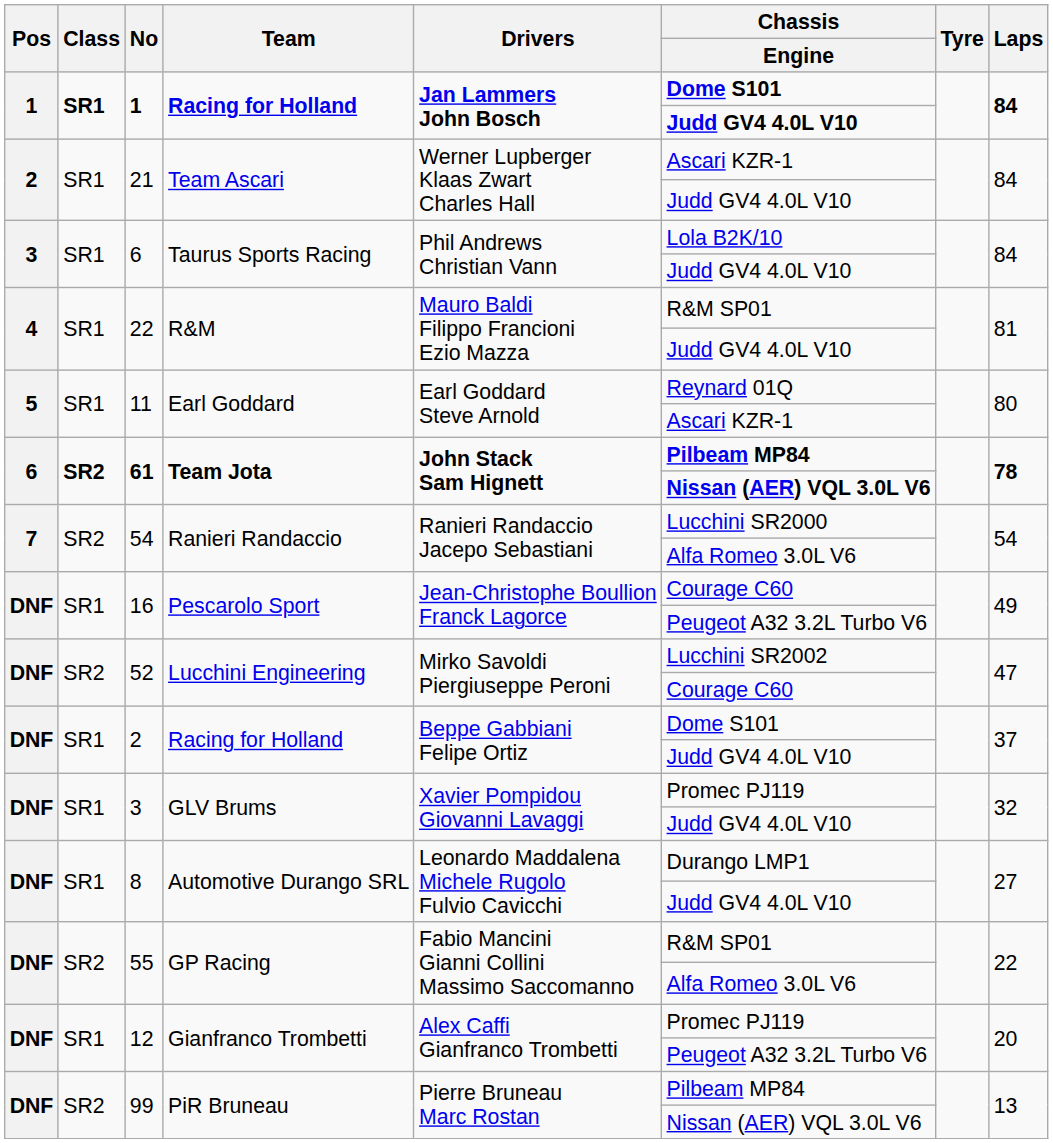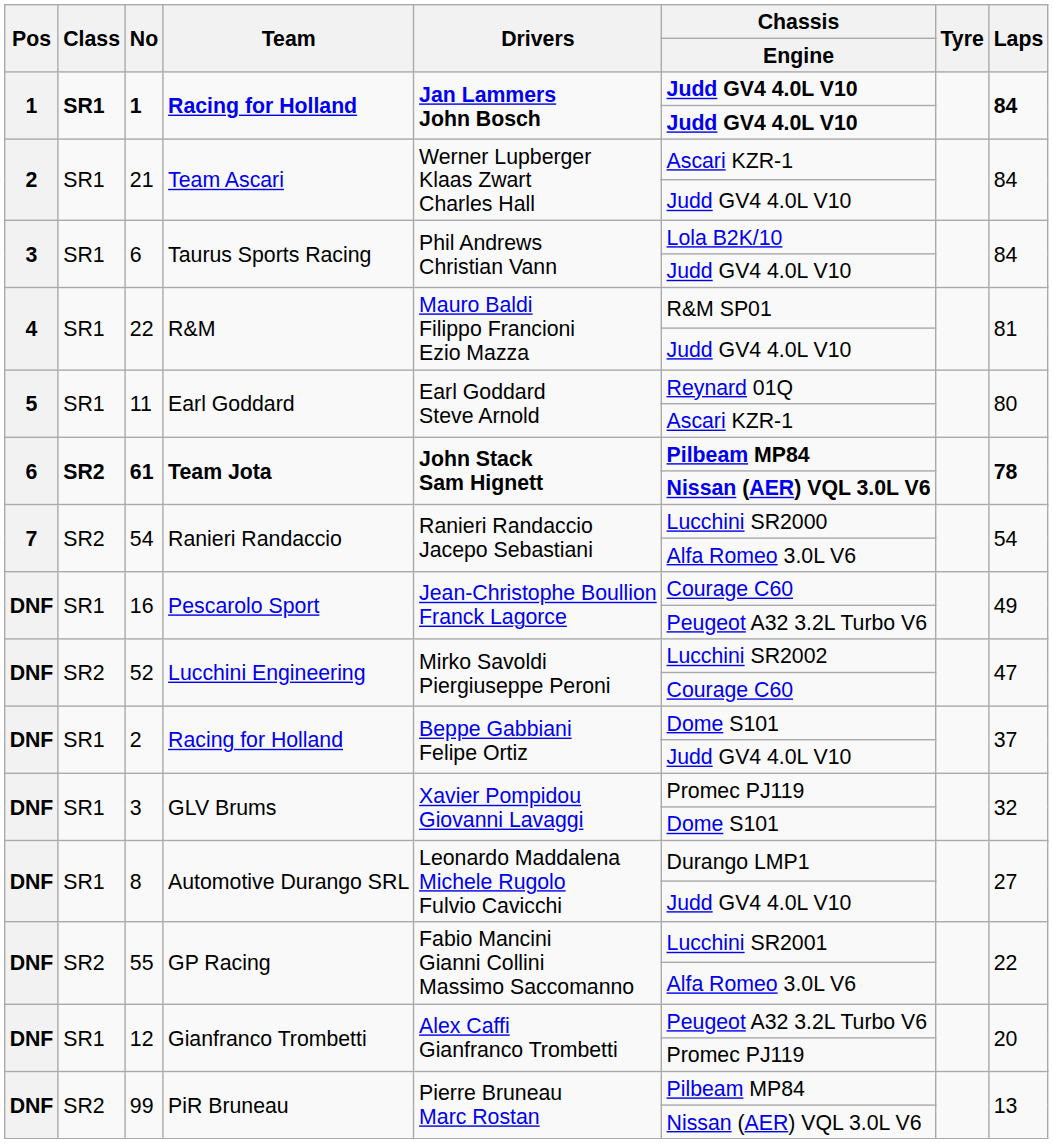 <table class="wikitable" style="font-size: 95%;">
 <tr>
 <th rowspan=2>Pos</th>
 <th rowspan=2>Class</th>
 <th rowspan=2>No</th>
 <th rowspan=2>Team</th>
 <th rowspan=2>Drivers</th>
 <th>Chassis</th>
 <th rowspan=2>Tyre</th>
 <th rowspan=2>Laps</th>
 </tr>
 <tr>
 <th>Engine</th>
 </tr>
 <tr style="font-weight:bold">
 <th rowspan=2>1</th>
 <td rowspan=2>SR1</td>
 <td rowspan=2>1</td>
 <td rowspan=2> <a href='#'>Racing for Holland</a></td>
 <td rowspan=2> <a href='#'>Jan Lammers</a><br> John Bosch</td>
-<td><a href='#'>Dome</a> S101</td>
+<td><a href='#'>Judd</a> GV4 4.0L V10</td>
 <td rowspan=2></td>
 <td rowspan=2>84</td>
 </tr>
 <tr style="font-weight:bold">
 <td><a href='#'>Judd</a> GV4 4.0L V10</td>
 </tr>
 <tr>
 <th rowspan=2>2</th>
 <td rowspan=2>SR1</td>
 <td rowspan=2>21</td>
 <td rowspan=2> <a href='#'>Team Ascari</a></td>
 <td rowspan=2> Werner Lupberger<br> Klaas Zwart<br> Charles Hall</td>
 <td><a href='#'>Ascari</a> KZR-1</td>
 <td rowspan=2></td>
 <td rowspan=2>84</td>
 </tr>
 <tr>
 <td><a href='#'>Judd</a> GV4 4.0L V10</td>
 </tr>
 <tr>
 <th rowspan=2>3</th>
 <td rowspan=2>SR1</td>
 <td rowspan=2>6</td>
 <td rowspan=2> Taurus Sports Racing</td>
 <td rowspan=2> Phil Andrews<br> Christian Vann</td>
 <td><a href='#'>Lola B2K/10</a></td>
 <td rowspan=2></td>
 <td rowspan=2>84</td>
 </tr>
 <tr>
 <td><a href='#'>Judd</a> GV4 4.0L V10</td>
 </tr>
 <tr>
 <th rowspan=2>4</th>
 <td rowspan=2>SR1</td>
 <td rowspan=2>22</td>
 <td rowspan=2> R&M</td>
 <td rowspan=2> <a href='#'>Mauro Baldi</a><br> Filippo Francioni<br> Ezio Mazza</td>
 <td>R&M SP01</td>
 <td rowspan=2></td>
 <td rowspan=2>81</td>
 </tr>
 <tr>
 <td><a href='#'>Judd</a> GV4 4.0L V10</td>
 </tr>
 <tr>
 <th rowspan=2>5</th>
 <td rowspan=2>SR1</td>
 <td rowspan=2>11</td>
 <td rowspan=2> Earl Goddard</td>
 <td rowspan=2> Earl Goddard<br> Steve Arnold</td>
 <td><a href='#'>Reynard</a> 01Q</td>
 <td rowspan=2></td>
 <td rowspan=2>80</td>
 </tr>
 <tr>
 <td><a href='#'>Ascari</a> KZR-1</td>
 </tr>
 <tr style="font-weight:bold">
 <th rowspan=2>6</th>
 <td rowspan=2>SR2</td>
 <td rowspan=2>61</td>
 <td rowspan=2> Team Jota</td>
 <td rowspan=2> John Stack<br> Sam Hignett</td>
 <td><a href='#'>Pilbeam</a> MP84</td>
 <td rowspan=2></td>
 <td rowspan=2>78</td>
 </tr>
 <tr style="font-weight:bold">
 <td><a href='#'>Nissan</a> (<a href='#'>AER</a>) VQL 3.0L V6</td>
 </tr>
 <tr>
 <th rowspan=2>7</th>
 <td rowspan=2>SR2</td>
 <td rowspan=2>54</td>
 <td rowspan=2> Ranieri Randaccio</td>
 <td rowspan=2> Ranieri Randaccio<br> Jacepo Sebastiani</td>
 <td><a href='#'>Lucchini</a> SR2000</td>
 <td rowspan=2></td>
 <td rowspan=2>54</td>
 </tr>
 <tr>
 <td><a href='#'>Alfa Romeo</a> 3.0L V6</td>
 </tr>
 <tr>
 <th rowspan=2>DNF</th>
 <td rowspan=2>SR1</td>
 <td rowspan=2>16</td>
 <td rowspan=2> <a href='#'>Pescarolo Sport</a></td>
 <td rowspan=2> <a href='#'>Jean-Christophe Boullion</a><br> <a href='#'>Franck Lagorce</a></td>
 <td><a href='#'>Courage C60</a></td>
 <td rowspan=2></td>
 <td rowspan=2>49</td>
 </tr>
 <tr>
 <td><a href='#'>Peugeot</a> A32 3.2L Turbo V6</td>
 </tr>
 <tr>
 <th rowspan=2>DNF</th>
 <td rowspan=2>SR2</td>
 <td rowspan=2>52</td>
 <td rowspan=2> <a href='#'>Lucchini Engineering</a></td>
 <td rowspan=2> Mirko Savoldi<br> Piergiuseppe Peroni</td>
 <td><a href='#'>Lucchini</a> SR2002</td>
 <td rowspan=2></td>
 <td rowspan=2>47</td>
 </tr>
 <tr>
 <td><a href='#'>Courage C60</a></td>
 </tr>
 <tr>
 <th rowspan=2>DNF</th>
 <td rowspan=2>SR1</td>
 <td rowspan=2>2</td>
 <td rowspan=2> <a href='#'>Racing for Holland</a></td>
 <td rowspan=2> <a href='#'>Beppe Gabbiani</a><br> Felipe Ortiz</td>
 <td><a href='#'>Dome</a> S101</td>
 <td rowspan=2></td>
 <td rowspan=2>37</td>
 </tr>
 <tr>
 <td><a href='#'>Judd</a> GV4 4.0L V10</td>
 </tr>
 <tr>
 <th rowspan=2>DNF</th>
 <td rowspan=2>SR1</td>
 <td rowspan=2>3</td>
 <td rowspan=2> GLV Brums</td>
 <td rowspan=2> <a href='#'>Xavier Pompidou</a><br> <a href='#'>Giovanni Lavaggi</a></td>
 <td>Promec PJ119</td>
 <td rowspan=2></td>
 <td rowspan=2>32</td>
 </tr>
 <tr>
-<td><a href='#'>Judd</a> GV4 4.0L V10</td>
+<td><a href='#'>Dome</a> S101</td>
 </tr>
 <tr>
 <th rowspan=2>DNF</th>
 <td rowspan=2>SR1</td>
 <td rowspan=2>8</td>
 <td rowspan=2> Automotive Durango SRL</td>
 <td rowspan=2> Leonardo Maddalena<br> <a href='#'>Michele Rugolo</a><br> Fulvio Cavicchi</td>
 <td>Durango LMP1</td>
 <td rowspan=2></td>
 <td rowspan=2>27</td>
 </tr>
 <tr>
 <td><a href='#'>Judd</a> GV4 4.0L V10</td>
 </tr>
 <tr>
 <th rowspan=2>DNF</th>
 <td rowspan=2>SR2</td>
 <td rowspan=2>55</td>
 <td rowspan=2> GP Racing</td>
 <td rowspan=2> Fabio Mancini<br> Gianni Collini<br> Massimo Saccomanno</td>
-<td>R&M SP01</td>
+<td><a href='#'>Lucchini</a> SR2001</td>
 <td rowspan=2></td>
 <td rowspan=2>22</td>
 </tr>
 <tr>
 <td><a href='#'>Alfa Romeo</a> 3.0L V6</td>
 </tr>
 <tr>
 <th rowspan=2>DNF</th>
 <td rowspan=2>SR1</td>
 <td rowspan=2>12</td>
 <td rowspan=2> Gianfranco Trombetti</td>
 <td rowspan=2> <a href='#'>Alex Caffi</a><br> Gianfranco Trombetti</td>
-<td>Promec PJ119</td>
+<td><a href='#'>Peugeot</a> A32 3.2L Turbo V6</td>
 <td rowspan=2></td>
 <td rowspan=2>20</td>
 </tr>
 <tr>
-<td><a href='#'>Peugeot</a> A32 3.2L Turbo V6</td>
+<td>Promec PJ119</td>
 </tr>
 <tr>
 <th rowspan=2>DNF</th>
 <td rowspan=2>SR2</td>
 <td rowspan=2>99</td>
 <td rowspan=2> PiR Bruneau</td>
 <td rowspan=2> Pierre Bruneau<br> <a href='#'>Marc Rostan</a></td>
 <td><a href='#'>Pilbeam</a> MP84</td>
 <td rowspan=2></td>
 <td rowspan=2>13</td>
 </tr>
 <tr>
 <td><a href='#'>Nissan</a> (<a href='#'>AER</a>) VQL 3.0L V6</td>
 </tr>
 </table>
